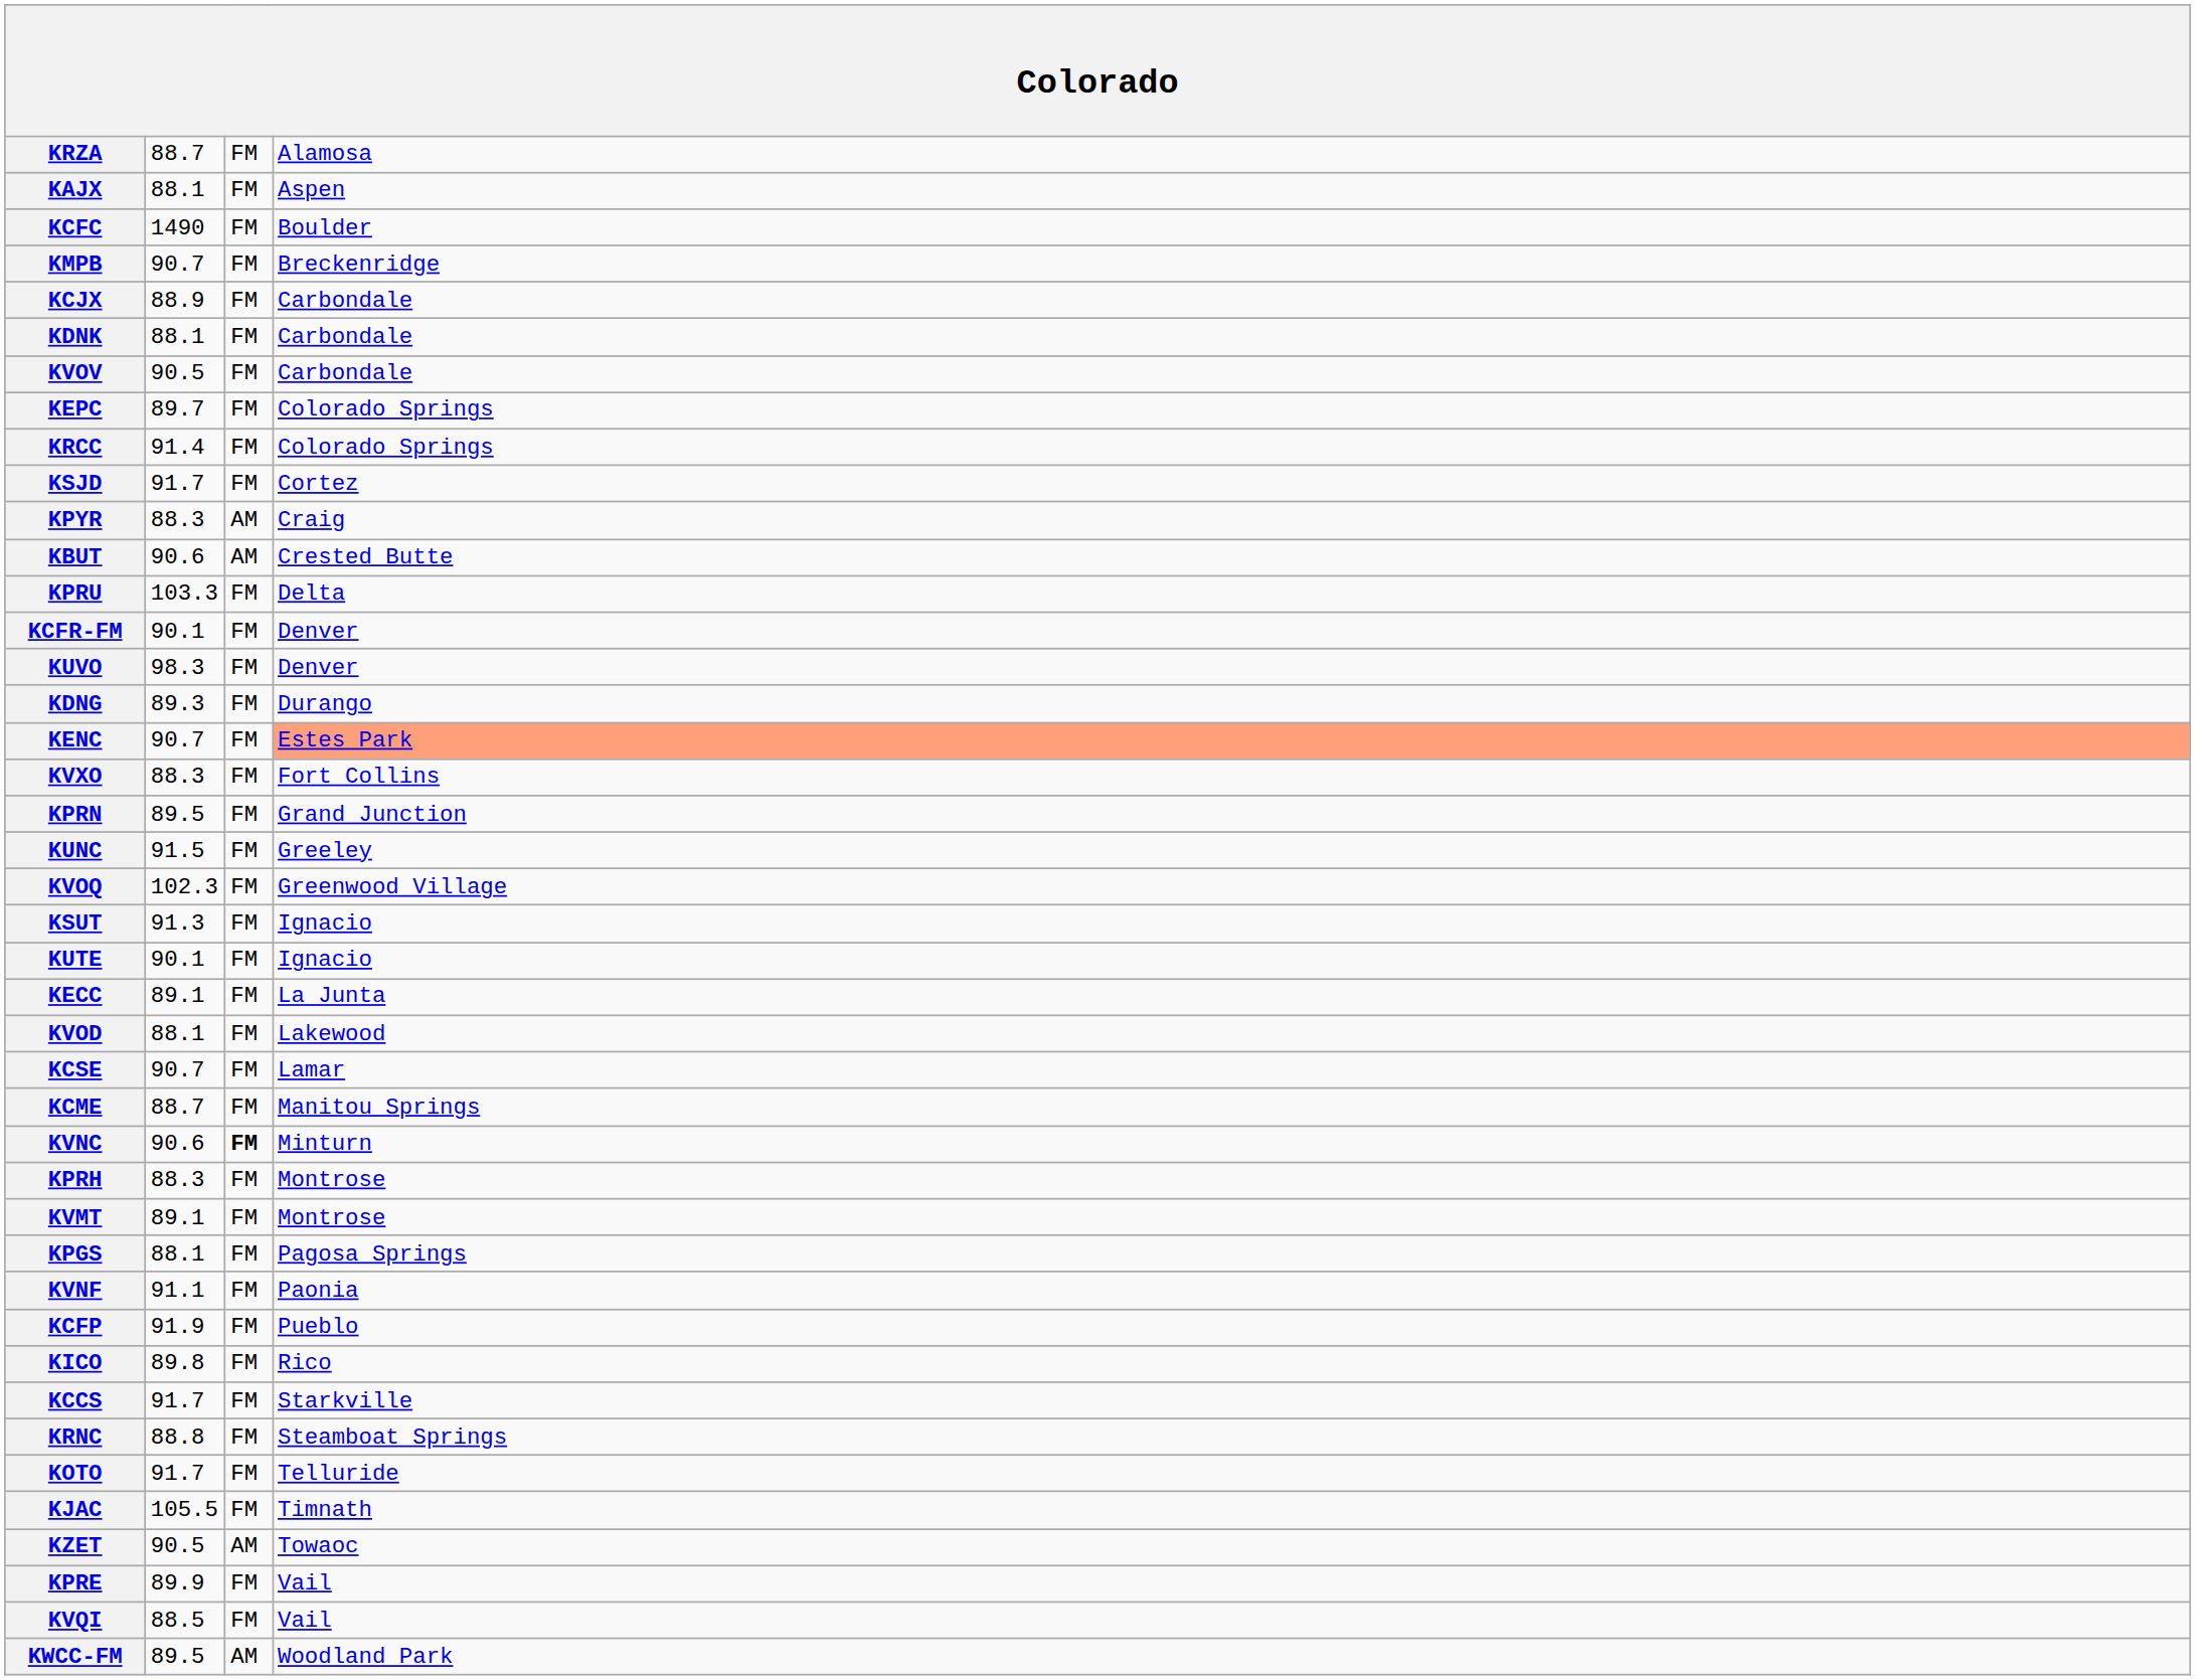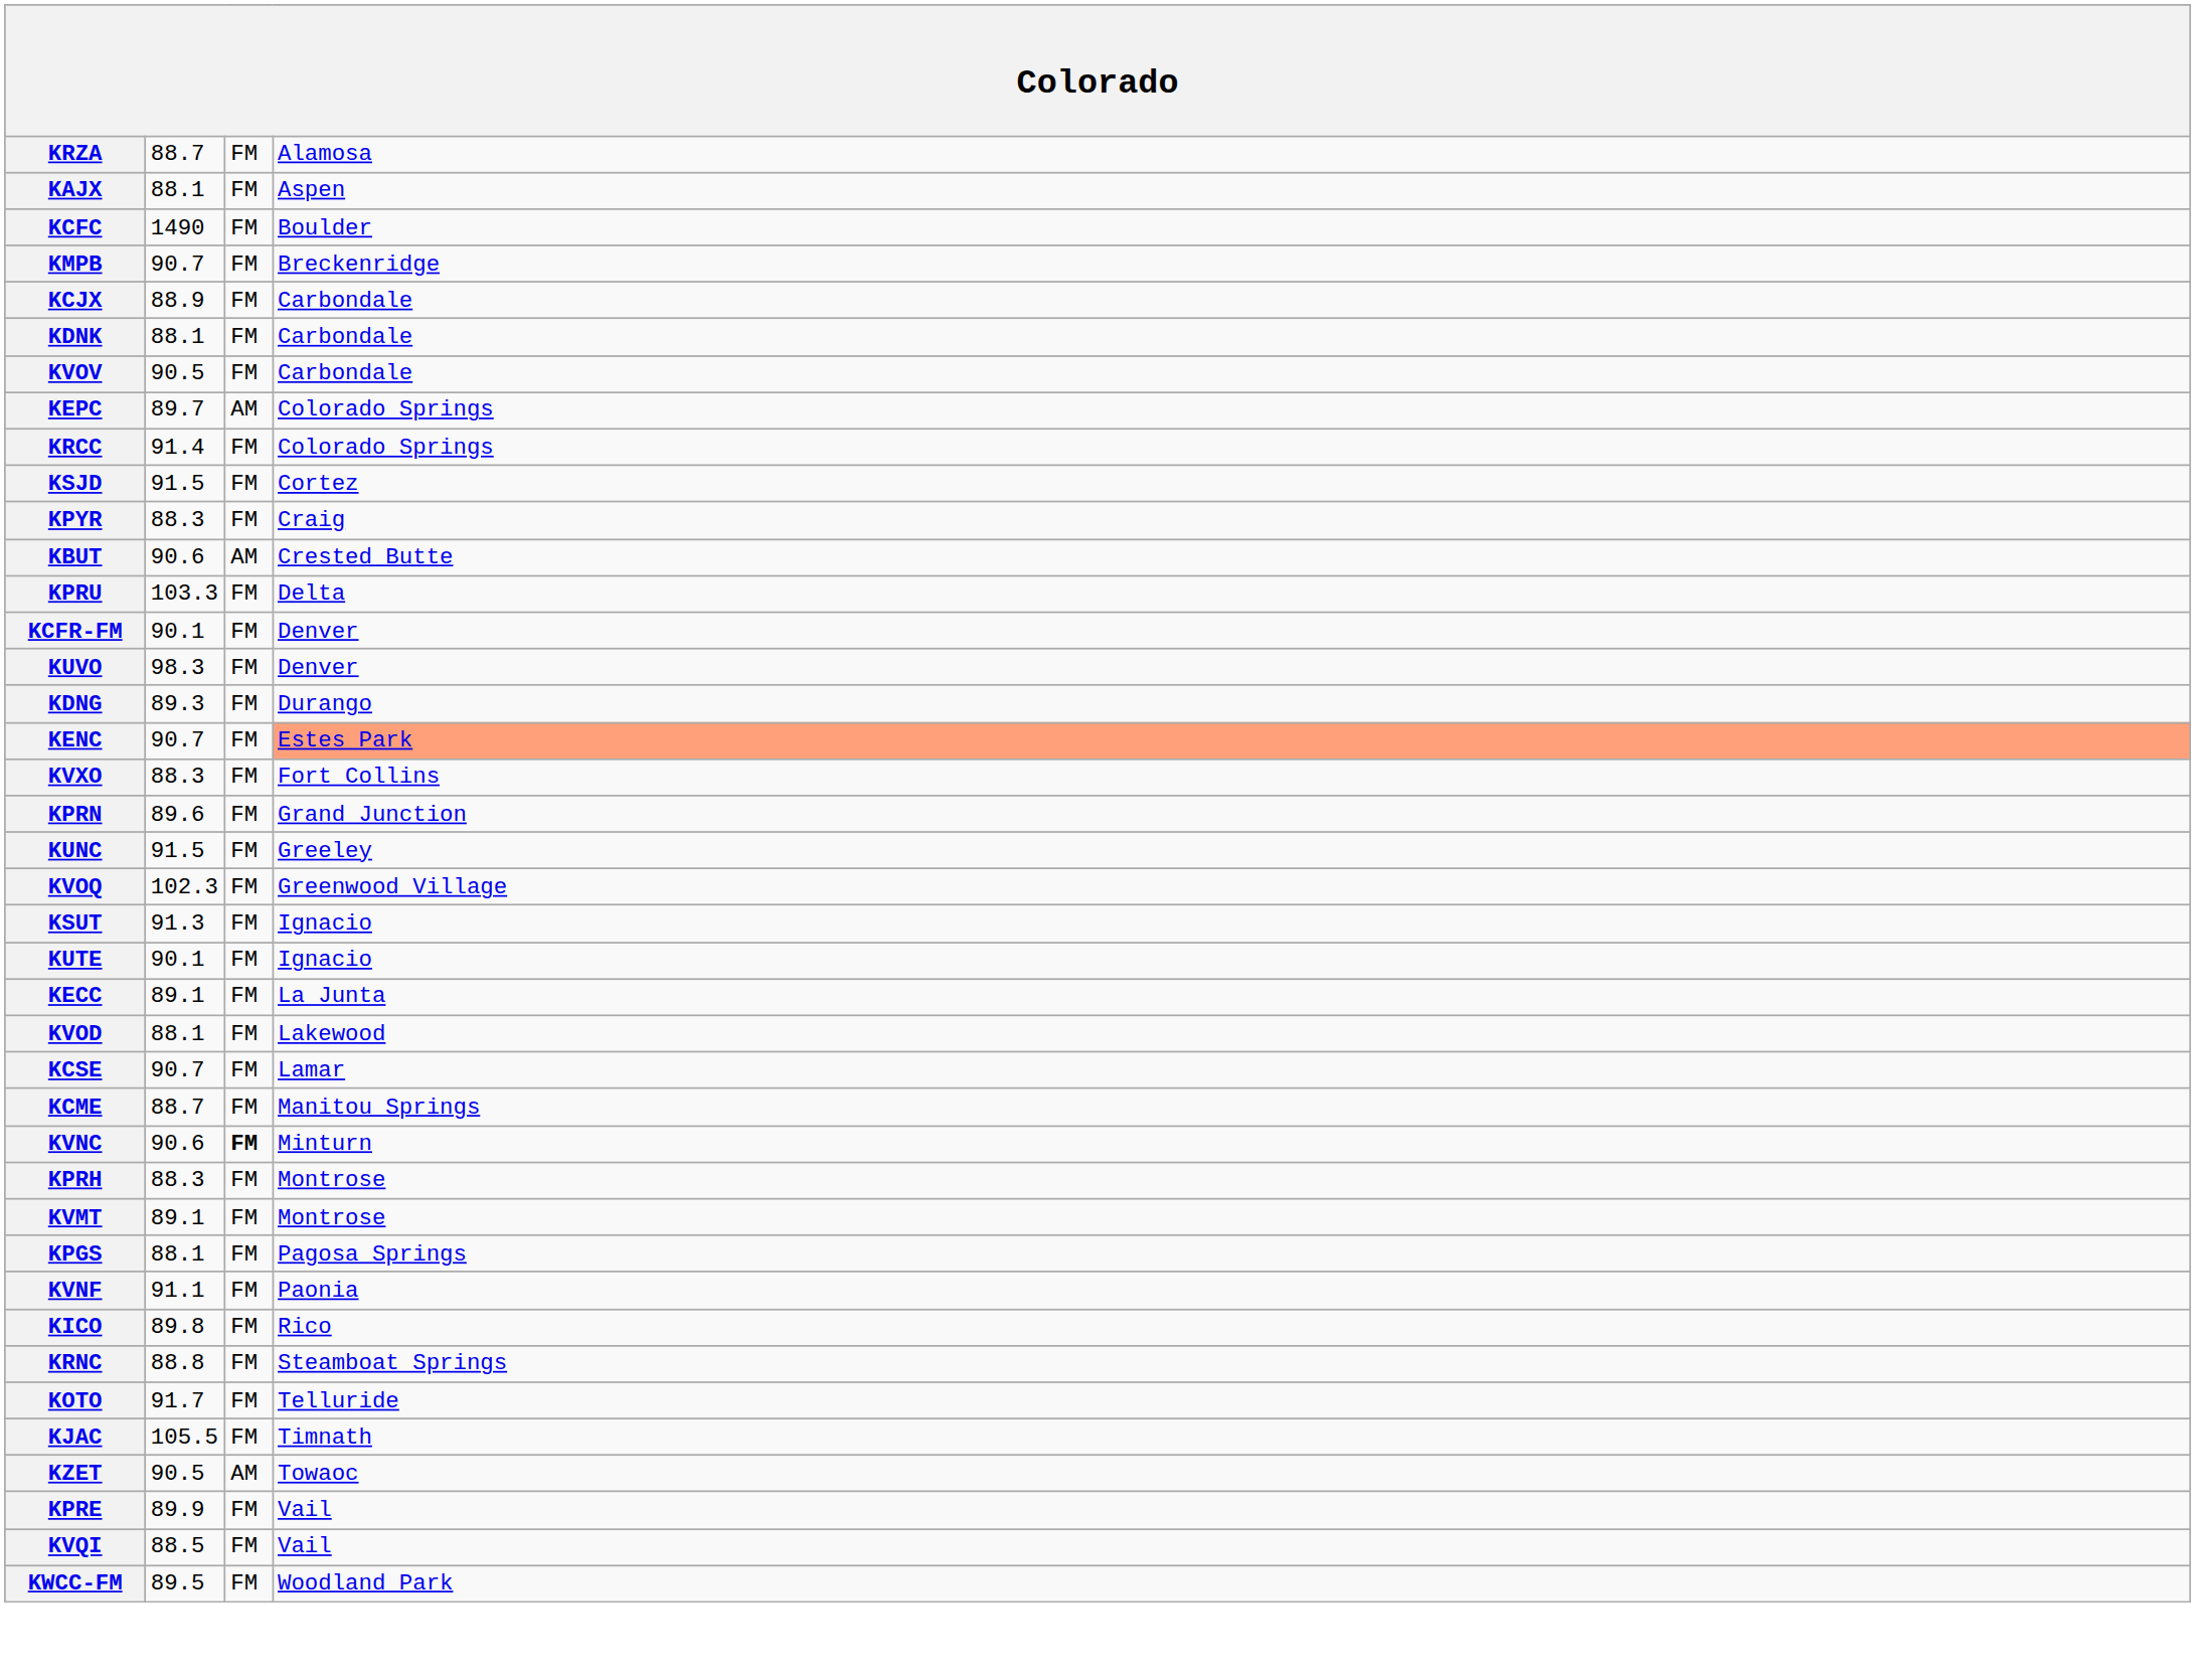 <table class="wikitable mw-collapsible" style="width:100%">
 <tr>
 <th scope="col" colspan="4"><br><h2>Colorado</h2></th>
 </tr>
 <tr>
 <th scope="row" style="width: 75px;"><a href='#'>KRZA</a></th>
 <td style="width: 40px;">88.7</td>
 <td style="width: 21px;">FM</td>
 <td><a href='#'>Alamosa</a></td>
 </tr>
 <tr>
 <th scope="row"><a href='#'>KAJX</a></th>
 <td>88.1</td>
 <td>FM</td>
 <td><a href='#'>Aspen</a></td>
 </tr>
 <tr>
 <th scope="row"><a href='#'>KCFC</a></th>
 <td>1490</td>
 <td>FM</td>
 <td><a href='#'>Boulder</a></td>
 </tr>
 <tr>
 <th scope="row"><a href='#'>KMPB</a></th>
 <td>90.7</td>
 <td>FM</td>
 <td><a href='#'>Breckenridge</a></td>
 </tr>
 <tr>
 <th scope="row"><a href='#'>KCJX</a></th>
 <td>88.9</td>
 <td>FM</td>
 <td><a href='#'>Carbondale</a></td>
 </tr>
 <tr>
 <th scope="row"><a href='#'>KDNK</a></th>
 <td>88.1</td>
 <td>FM</td>
 <td><a href='#'>Carbondale</a></td>
 </tr>
 <tr>
 <th scope="row"><a href='#'>KVOV</a></th>
 <td>90.5</td>
 <td>FM</td>
 <td><a href='#'>Carbondale</a></td>
 </tr>
 <tr>
 <th scope="row"><a href='#'>KEPC</a></th>
 <td>89.7</td>
-<td>FM</td>
+<td>AM</td>
 <td><a href='#'>Colorado Springs</a></td>
 </tr>
 <tr>
 <th scope="row"><a href='#'>KRCC</a></th>
 <td>91.4</td>
 <td>FM</td>
 <td><a href='#'>Colorado Springs</a></td>
 </tr>
 <tr>
 <th scope="row"><a href='#'>KSJD</a></th>
-<td>91.7</td>
+<td>91.5</td>
 <td>FM</td>
 <td><a href='#'>Cortez</a></td>
 </tr>
 <tr>
 <th scope="row"><a href='#'>KPYR</a></th>
 <td>88.3</td>
-<td>AM</td>
+<td>FM</td>
 <td><a href='#'>Craig</a></td>
 </tr>
 <tr>
 <th scope="row"><a href='#'>KBUT</a></th>
 <td>90.6</td>
 <td>AM</td>
 <td><a href='#'>Crested Butte</a></td>
 </tr>
 <tr>
 <th scope="row"><a href='#'>KPRU</a></th>
 <td>103.3</td>
 <td>FM</td>
 <td><a href='#'>Delta</a></td>
 </tr>
 <tr>
 <th scope="row"><a href='#'>KCFR-FM</a></th>
 <td>90.1</td>
 <td>FM</td>
 <td><a href='#'>Denver</a></td>
 </tr>
 <tr>
 <th scope="row"><a href='#'>KUVO</a></th>
 <td>98.3</td>
 <td>FM</td>
 <td><a href='#'>Denver</a></td>
 </tr>
 <tr>
 <th scope="row"><a href='#'>KDNG</a></th>
 <td>89.3</td>
 <td>FM</td>
 <td><a href='#'>Durango</a></td>
 </tr>
 <tr>
 <th scope="row"><a href='#'>KENC</a></th>
 <td>90.7</td>
 <td>FM</td>
 <td style="background: lightsalmon;"><a href='#'>Estes Park</a></td>
 </tr>
 <tr>
 <th scope="row"><a href='#'>KVXO</a></th>
 <td>88.3</td>
 <td>FM</td>
 <td><a href='#'>Fort Collins</a></td>
 </tr>
 <tr>
 <th scope="row"><a href='#'>KPRN</a></th>
-<td>89.5</td>
+<td>89.6</td>
 <td>FM</td>
 <td><a href='#'>Grand Junction</a></td>
 </tr>
 <tr>
 <th scope="row"><a href='#'>KUNC</a></th>
 <td>91.5</td>
 <td>FM</td>
 <td><a href='#'>Greeley</a></td>
 </tr>
 <tr>
 <th scope="row"><a href='#'>KVOQ</a></th>
 <td>102.3</td>
 <td>FM</td>
 <td><a href='#'>Greenwood Village</a></td>
 </tr>
 <tr>
 <th scope="row"><a href='#'>KSUT</a></th>
 <td>91.3</td>
 <td>FM</td>
 <td><a href='#'>Ignacio</a></td>
 </tr>
 <tr>
 <th scope="row"><a href='#'>KUTE</a></th>
 <td>90.1</td>
 <td>FM</td>
 <td><a href='#'>Ignacio</a></td>
 </tr>
 <tr>
 <th scope="row"><a href='#'>KECC</a></th>
 <td>89.1</td>
 <td>FM</td>
 <td><a href='#'>La Junta</a></td>
 </tr>
 <tr>
 <th scope="row"><a href='#'>KVOD</a></th>
 <td>88.1</td>
 <td>FM</td>
 <td><a href='#'>Lakewood</a></td>
 </tr>
 <tr>
 <th scope="row"><a href='#'>KCSE</a></th>
 <td>90.7</td>
 <td>FM</td>
 <td><a href='#'>Lamar</a></td>
 </tr>
 <tr>
 <th scope="row"><a href='#'>KCME</a></th>
 <td>88.7</td>
 <td>FM</td>
 <td><a href='#'>Manitou Springs</a></td>
 </tr>
 <tr>
 <th scope="row"><a href='#'>KVNC</a></th>
 <td>90.6</td>
 <td><strong>FM</strong></td>
 <td><a href='#'>Minturn</a></td>
 </tr>
 <tr>
 <th scope="row"><a href='#'>KPRH</a></th>
 <td>88.3</td>
 <td>FM</td>
 <td><a href='#'>Montrose</a></td>
 </tr>
 <tr>
 <th scope="row"><a href='#'>KVMT</a></th>
 <td>89.1</td>
 <td>FM</td>
 <td><a href='#'>Montrose</a></td>
 </tr>
 <tr>
 <th scope="row"><a href='#'>KPGS</a></th>
 <td>88.1</td>
 <td>FM</td>
 <td><a href='#'>Pagosa Springs</a></td>
 </tr>
 <tr>
 <th scope="row"><a href='#'>KVNF</a></th>
 <td>91.1</td>
 <td>FM</td>
 <td><a href='#'>Paonia</a></td>
 </tr>
 <tr>
-<th scope="row"><a href='#'>KCFP</a></th>
-<td>91.9</td>
-<td>FM</td>
-<td><a href='#'>Pueblo</a></td>
-</tr>
-<tr>
 <th scope="row"><a href='#'>KICO</a></th>
 <td>89.8</td>
 <td>FM</td>
 <td><a href='#'>Rico</a></td>
-</tr>
-<tr>
-<th scope="row"><a href='#'>KCCS</a></th>
-<td>91.7</td>
-<td>FM</td>
-<td><a href='#'>Starkville</a></td>
 </tr>
 <tr>
 <th scope="row"><a href='#'>KRNC</a></th>
 <td>88.8</td>
 <td>FM</td>
 <td><a href='#'>Steamboat Springs</a></td>
 </tr>
 <tr>
 <th scope="row"><a href='#'>KOTO</a></th>
 <td>91.7</td>
 <td>FM</td>
 <td><a href='#'>Telluride</a></td>
 </tr>
 <tr>
 <th scope="row"><a href='#'>KJAC</a></th>
 <td>105.5</td>
 <td>FM</td>
 <td><a href='#'>Timnath</a></td>
 </tr>
 <tr>
 <th scope="row"><a href='#'>KZET</a></th>
 <td>90.5</td>
 <td>AM</td>
 <td><a href='#'>Towaoc</a></td>
 </tr>
 <tr>
 <th scope="row"><a href='#'>KPRE</a></th>
 <td>89.9</td>
 <td>FM</td>
 <td><a href='#'>Vail</a></td>
 </tr>
 <tr>
 <th scope="row"><a href='#'>KVQI</a></th>
 <td>88.5</td>
 <td>FM</td>
 <td><a href='#'>Vail</a></td>
 </tr>
 <tr>
 <th scope="row"><a href='#'>KWCC-FM</a></th>
 <td>89.5</td>
-<td>AM</td>
+<td>FM</td>
 <td><a href='#'>Woodland Park</a></td>
 </tr>
 </table>
